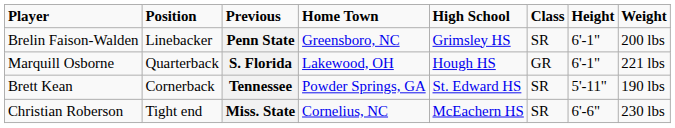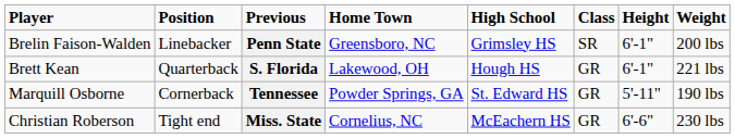 <table class="wikitable">
 <tr>
 <td><strong>Player</strong></td>
 <td><strong>Position</strong></td>
 <td><strong>Previous</strong></td>
 <td><strong>Home Town</strong></td>
 <td><strong>High School</strong></td>
 <td><strong>Class</strong></td>
 <td><strong>Height</strong></td>
 <td><strong>Weight</strong></td>
 </tr>
 <tr>
 <td>Brelin Faison-Walden</td>
 <td>Linebacker</td>
 <th>Penn State</th>
 <td><a href='#'>Greensboro, NC</a></td>
 <td><a href='#'>Grimsley HS</a></td>
 <td>SR</td>
 <td>6'-1"</td>
 <td>200 lbs</td>
 </tr>
 <tr>
-<td>Marquill Osborne</td>
+<td>Brett Kean</td>
 <td>Quarterback</td>
 <th>S. Florida</th>
 <td><a href='#'>Lakewood, OH</a></td>
 <td><a href='#'>Hough HS</a></td>
 <td>GR</td>
 <td>6'-1"</td>
 <td>221 lbs</td>
 </tr>
 <tr>
-<td>Brett Kean</td>
+<td>Marquill Osborne</td>
 <td>Cornerback</td>
 <th>Tennessee</th>
 <td><a href='#'>Powder Springs, GA</a></td>
 <td><a href='#'>St. Edward HS</a></td>
-<td>SR</td>
+<td>GR</td>
 <td>5'-11"</td>
 <td>190 lbs</td>
 </tr>
 <tr>
 <td>Christian Roberson</td>
 <td>Tight end</td>
 <th>Miss. State</th>
 <td><a href='#'>Cornelius, NC</a></td>
 <td><a href='#'>McEachern HS</a></td>
-<td>SR</td>
+<td>GR</td>
 <td>6'-6"</td>
 <td>230 lbs</td>
 </tr>
 </table>
